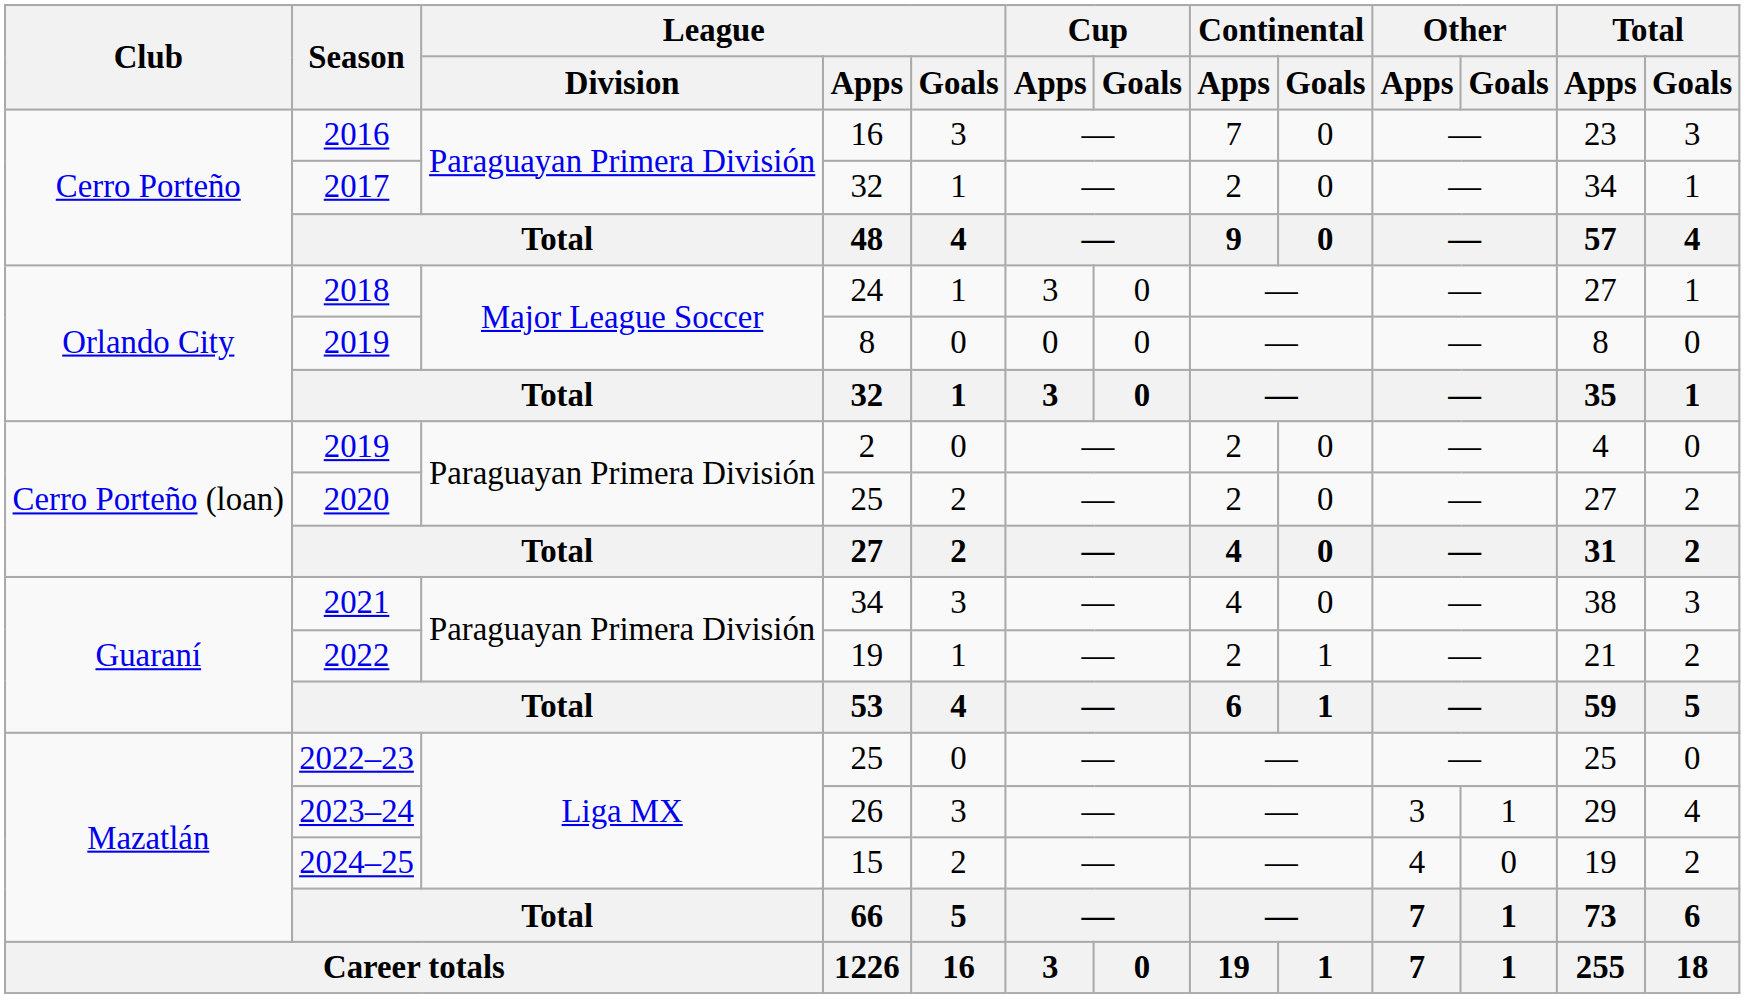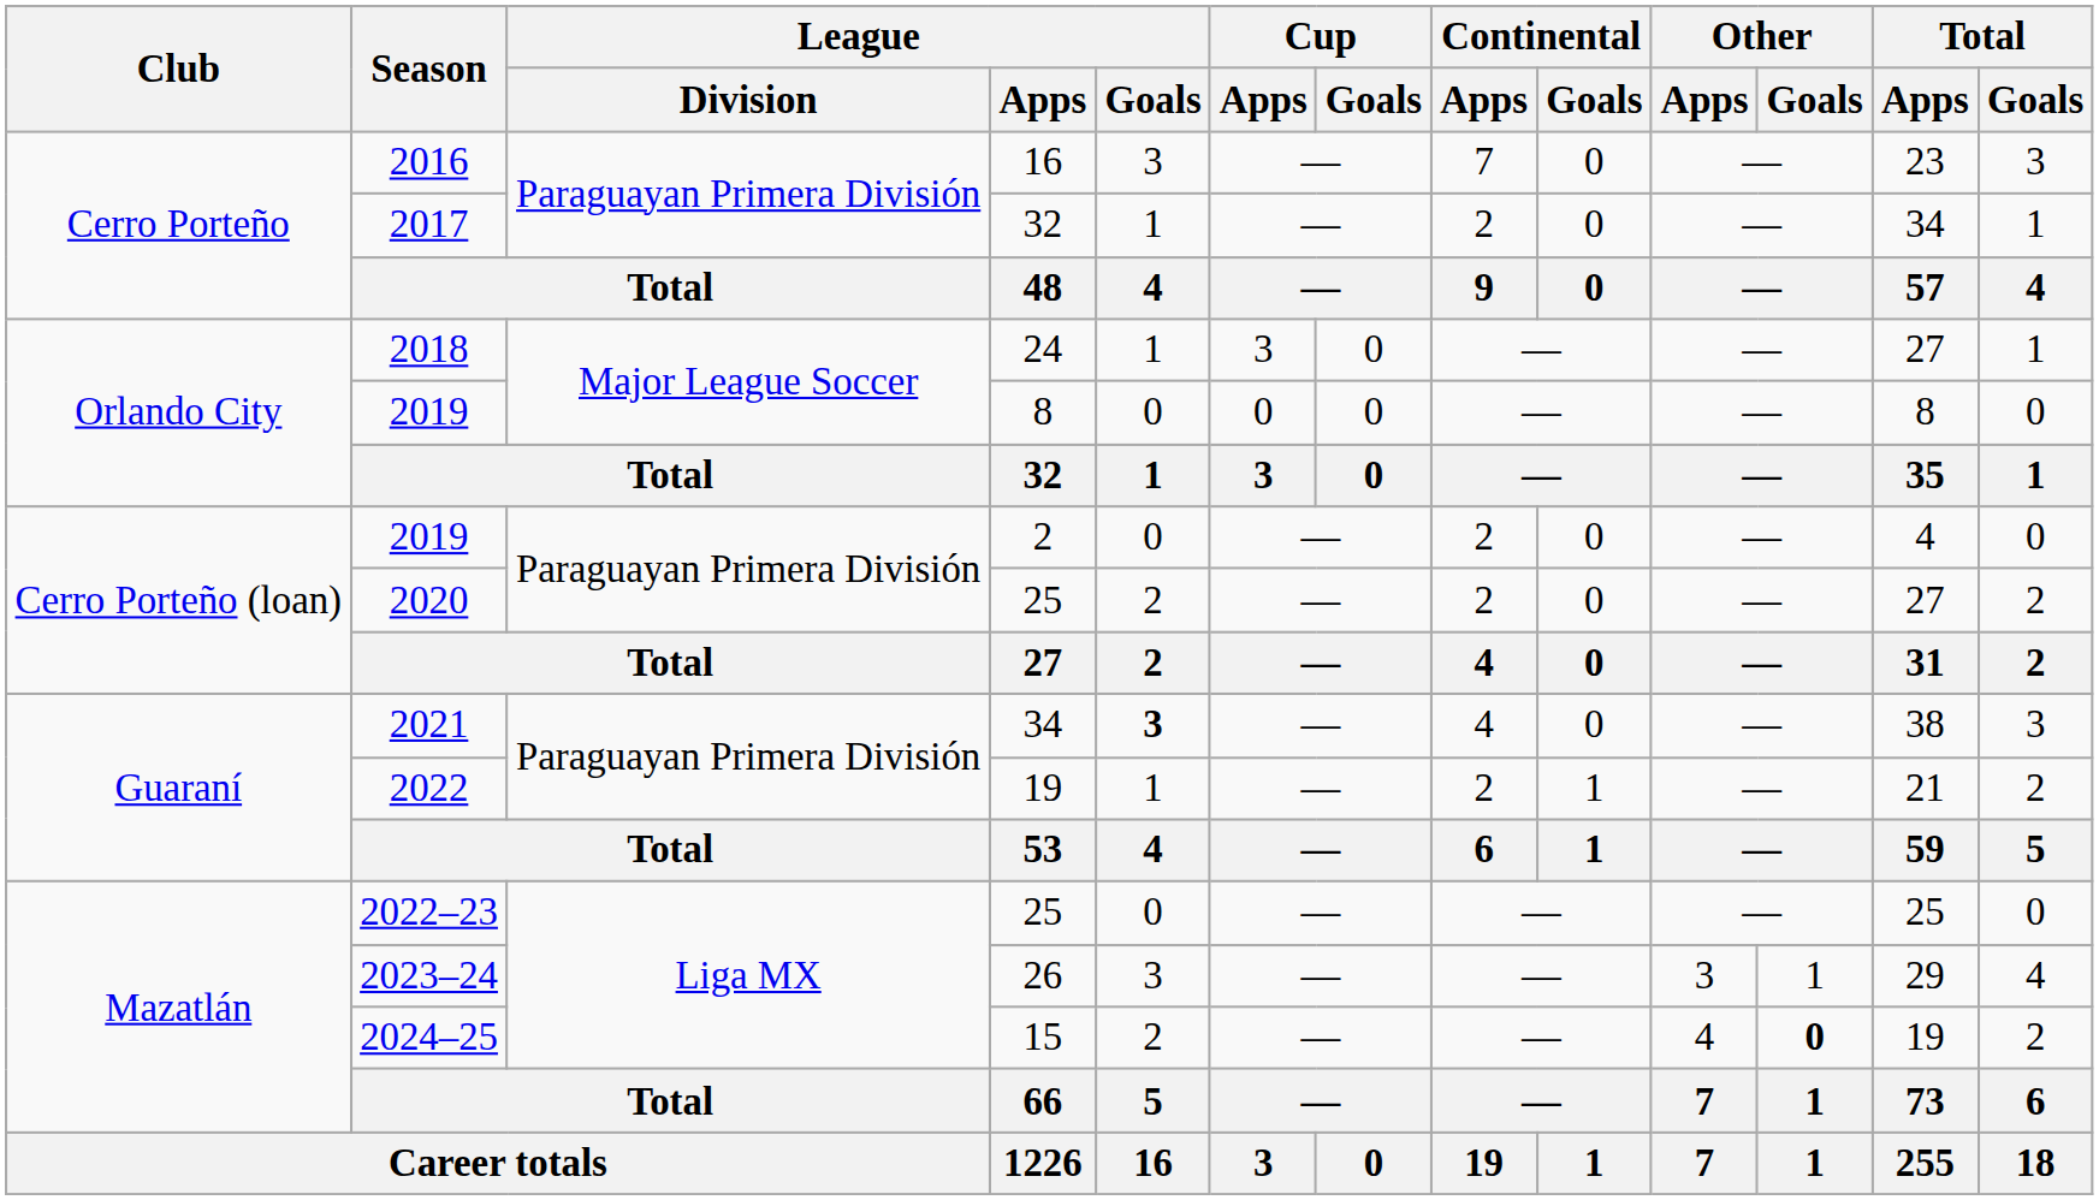 <table class="wikitable" style="text-align:center;">
 <tr>
 <th rowspan="2">Club</th>
 <th rowspan="2">Season</th>
 <th colspan="3">League</th>
 <th colspan="2">Cup</th>
 <th colspan="2">Continental</th>
 <th colspan="2">Other</th>
 <th colspan="2">Total</th>
 </tr>
 <tr>
 <th>Division</th>
 <th>Apps</th>
 <th>Goals</th>
 <th>Apps</th>
 <th>Goals</th>
 <th>Apps</th>
 <th>Goals</th>
 <th>Apps</th>
 <th>Goals</th>
 <th>Apps</th>
 <th>Goals</th>
 </tr>
 <tr>
 <td rowspan="3"><a href='#'>Cerro Porteño</a></td>
 <td><a href='#'>2016</a></td>
 <td rowspan="2"><a href='#'>Paraguayan Primera División</a></td>
 <td>16</td>
 <td>3</td>
 <td colspan="2">—</td>
 <td>7</td>
 <td>0</td>
 <td colspan="2">—</td>
 <td>23</td>
 <td>3</td>
 </tr>
 <tr>
 <td><a href='#'>2017</a></td>
 <td>32</td>
 <td>1</td>
 <td colspan="2">—</td>
 <td>2</td>
 <td>0</td>
 <td colspan="2">—</td>
 <td>34</td>
 <td>1</td>
 </tr>
 <tr>
 <th colspan="2">Total</th>
 <th>48</th>
 <th>4</th>
 <th colspan="2">—</th>
 <th>9</th>
 <th>0</th>
 <th colspan="2">—</th>
 <th>57</th>
 <th>4</th>
 </tr>
 <tr>
 <td rowspan="3"><a href='#'>Orlando City</a></td>
 <td><a href='#'>2018</a></td>
 <td rowspan="2"><a href='#'>Major League Soccer</a></td>
 <td>24</td>
 <td>1</td>
 <td>3</td>
 <td>0</td>
 <td colspan="2">—</td>
 <td colspan="2">—</td>
 <td>27</td>
 <td>1</td>
 </tr>
 <tr>
 <td><a href='#'>2019</a></td>
 <td>8</td>
 <td>0</td>
 <td>0</td>
 <td>0</td>
 <td colspan="2">—</td>
 <td colspan="2">—</td>
 <td>8</td>
 <td>0</td>
 </tr>
 <tr>
 <th colspan="2">Total</th>
 <th>32</th>
 <th>1</th>
 <th>3</th>
 <th>0</th>
 <th colspan="2">—</th>
 <th colspan="2">—</th>
 <th>35</th>
 <th>1</th>
 </tr>
 <tr>
 <td rowspan="3"><a href='#'>Cerro Porteño</a> (loan)</td>
 <td><a href='#'>2019</a></td>
 <td rowspan="2">Paraguayan Primera División</td>
 <td>2</td>
 <td>0</td>
 <td colspan="2">—</td>
 <td>2</td>
 <td>0</td>
 <td colspan="2">—</td>
 <td>4</td>
 <td>0</td>
 </tr>
 <tr>
 <td><a href='#'>2020</a></td>
 <td>25</td>
 <td>2</td>
 <td colspan="2">—</td>
 <td>2</td>
 <td>0</td>
 <td colspan="2">—</td>
 <td>27</td>
 <td>2</td>
 </tr>
 <tr>
 <th colspan="2">Total</th>
 <th>27</th>
 <th>2</th>
 <th colspan="2">—</th>
 <th>4</th>
 <th>0</th>
 <th colspan="2">—</th>
 <th>31</th>
 <th>2</th>
 </tr>
 <tr>
 <td rowspan="3"><a href='#'>Guaraní</a></td>
 <td><a href='#'>2021</a></td>
 <td rowspan="2">Paraguayan Primera División</td>
 <td>34</td>
-<td>3</td>
+<td><strong>3</strong></td>
 <td colspan="2">—</td>
 <td>4</td>
 <td>0</td>
 <td colspan="2">—</td>
 <td>38</td>
 <td>3</td>
 </tr>
 <tr>
 <td><a href='#'>2022</a></td>
 <td>19</td>
 <td>1</td>
 <td colspan="2">—</td>
 <td>2</td>
 <td>1</td>
 <td colspan="2">—</td>
 <td>21</td>
 <td>2</td>
 </tr>
 <tr>
 <th colspan="2">Total</th>
 <th>53</th>
 <th>4</th>
 <th colspan="2">—</th>
 <th>6</th>
 <th>1</th>
 <th colspan="2">—</th>
 <th>59</th>
 <th>5</th>
 </tr>
 <tr>
 <td rowspan="4"><a href='#'>Mazatlán</a></td>
 <td><a href='#'>2022–23</a></td>
 <td rowspan="3"><a href='#'>Liga MX</a></td>
 <td>25</td>
 <td>0</td>
 <td colspan="2">—</td>
 <td colspan="2">—</td>
 <td colspan="2">—</td>
 <td>25</td>
 <td>0</td>
 </tr>
 <tr>
 <td><a href='#'>2023–24</a></td>
 <td>26</td>
 <td>3</td>
 <td colspan="2">—</td>
 <td colspan="2">—</td>
 <td>3</td>
 <td>1</td>
 <td>29</td>
 <td>4</td>
 </tr>
 <tr>
 <td><a href='#'>2024–25</a></td>
 <td>15</td>
 <td>2</td>
 <td colspan="2">—</td>
 <td colspan="2">—</td>
 <td>4</td>
-<td>0</td>
+<td><strong>0</strong></td>
 <td>19</td>
 <td>2</td>
 </tr>
 <tr>
 <th colspan="2">Total</th>
 <th>66</th>
 <th>5</th>
 <th colspan="2">—</th>
 <th colspan="2">—</th>
 <th>7</th>
 <th>1</th>
 <th>73</th>
 <th>6</th>
 </tr>
 <tr>
 <th colspan="3">Career totals</th>
 <th>1226</th>
 <th>16</th>
 <th>3</th>
 <th>0</th>
 <th>19</th>
 <th>1</th>
 <th>7</th>
 <th>1</th>
 <th>255</th>
 <th>18</th>
 </tr>
 </table>
